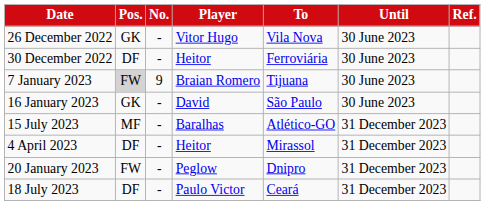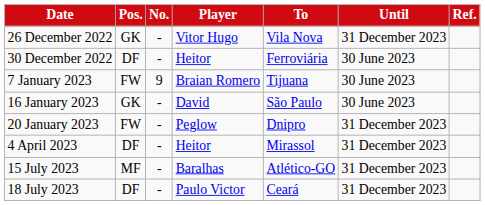 <table class="wikitable plainrowheaders sortable">
 <tr>
 <th style="background:#D10A11; color:#ffffff; ">Date</th>
 <th style="background:#D10A11; color:#ffffff; ">Pos.</th>
 <th style="background:#D10A11; color:#ffffff; ">No.</th>
 <th style="background:#D10A11; color:#ffffff; ">Player</th>
 <th style="background:#D10A11; color:#ffffff; ">To</th>
 <th style="background:#D10A11; color:#ffffff; ">Until</th>
 <th style="background:#D10A11; color:#ffffff; ">Ref.</th>
 </tr>
 <tr>
 <td>26 December 2022</td>
 <td style="text-align:center;">GK</td>
 <td style="text-align:center;">-</td>
 <td> <a href='#'>Vitor Hugo</a></td>
 <td> <a href='#'>Vila Nova</a></td>
-<td>30 June 2023</td>
+<td>31 December 2023</td>
 <td></td>
 </tr>
 <tr>
 <td>30 December 2022</td>
 <td style="text-align:center;">DF</td>
 <td style="text-align:center;">-</td>
 <td> <a href='#'>Heitor</a></td>
 <td> <a href='#'>Ferroviária</a></td>
 <td>30 June 2023</td>
 <td></td>
 </tr>
 <tr>
 <td>7 January 2023</td>
-<td style="background: lightgrey; text-align:center;">FW</td>
+<td style="text-align:center;">FW</td>
 <td style="text-align:center;">9</td>
 <td style="text-align:left;"> <a href='#'>Braian Romero</a></td>
 <td style="text-align:left;"> <a href='#'>Tijuana</a></td>
 <td>30 June 2023</td>
 <td></td>
 </tr>
 <tr>
 <td>16 January 2023</td>
 <td style="text-align:center;">GK</td>
 <td style="text-align:center;">-</td>
 <td> <a href='#'>David</a></td>
 <td> <a href='#'>São Paulo</a></td>
 <td>30 June 2023</td>
 <td></td>
 </tr>
 <tr>
-<td>15 July 2023</td>
-<td style="text-align:center;">MF</td>
+<td>20 January 2023</td>
+<td style="text-align:center;">FW</td>
 <td style="text-align:center;">-</td>
-<td> <a href='#'>Baralhas</a></td>
-<td> <a href='#'>Atlético-GO</a></td>
+<td> <a href='#'>Peglow</a></td>
+<td> <a href='#'>Dnipro</a></td>
 <td>31 December 2023</td>
 <td></td>
 </tr>
 <tr>
 <td>4 April 2023</td>
 <td style="text-align:center;">DF</td>
 <td style="text-align:center;">-</td>
 <td> <a href='#'>Heitor</a></td>
 <td> <a href='#'>Mirassol</a></td>
 <td>31 December 2023</td>
 <td></td>
 </tr>
 <tr>
-<td>20 January 2023</td>
-<td style="text-align:center;">FW</td>
+<td>15 July 2023</td>
+<td style="text-align:center;">MF</td>
 <td style="text-align:center;">-</td>
-<td> <a href='#'>Peglow</a></td>
-<td> <a href='#'>Dnipro</a></td>
+<td> <a href='#'>Baralhas</a></td>
+<td> <a href='#'>Atlético-GO</a></td>
 <td>31 December 2023</td>
 <td></td>
 </tr>
 <tr>
 <td>18 July 2023</td>
 <td style="text-align:center;">DF</td>
 <td style="text-align:center;">-</td>
 <td> <a href='#'>Paulo Victor</a></td>
 <td> <a href='#'>Ceará</a></td>
 <td>31 December 2023</td>
 <td></td>
 </tr>
 </table>
